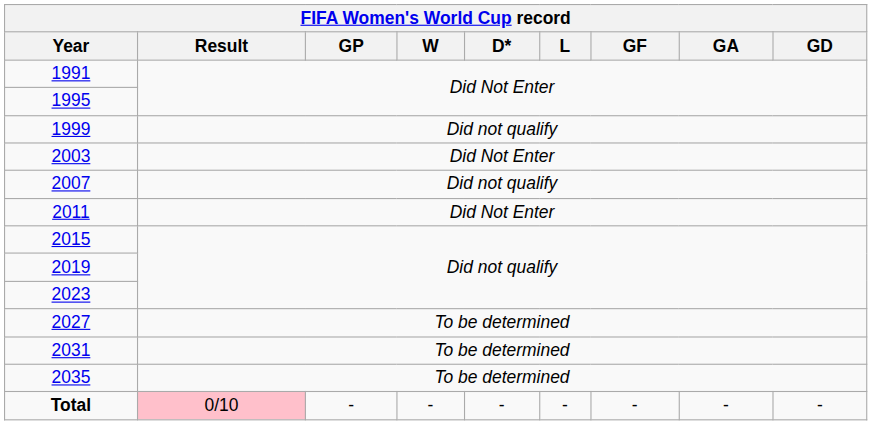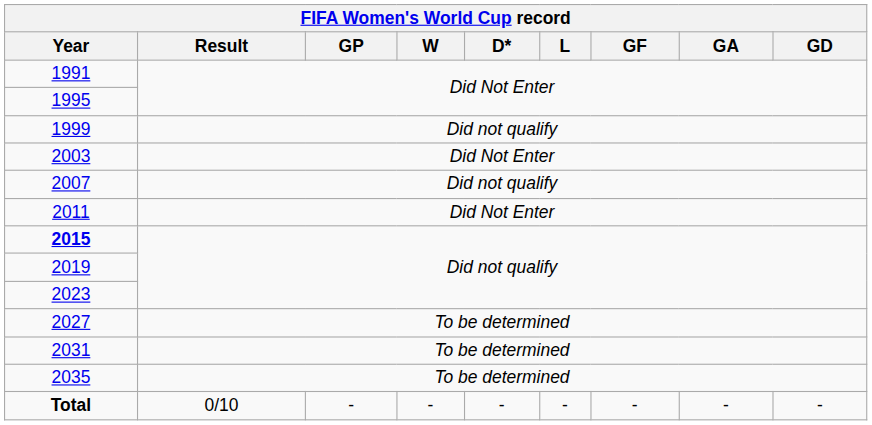 <table class="wikitable" style="text-align: center; width:50%;">
 <tr>
 <th colspan=9><a href='#'>FIFA Women's World Cup</a> record</th>
 </tr>
 <tr>
 <th>Year</th>
 <th>Result</th>
 <th>GP</th>
 <th>W</th>
 <th>D*</th>
 <th>L</th>
 <th>GF</th>
 <th>GA</th>
 <th>GD</th>
 </tr>
 <tr>
 <td> <a href='#'>1991</a></td>
 <td colspan=8 rowspan=2><em>Did Not Enter</em></td>
 </tr>
 <tr>
 <td> <a href='#'>1995</a></td>
 </tr>
 <tr>
 <td> <a href='#'>1999</a></td>
 <td colspan=8><em>Did not qualify</em></td>
 </tr>
 <tr>
 <td> <a href='#'>2003</a></td>
 <td colspan=8><em>Did Not Enter</em></td>
 </tr>
 <tr>
 <td> <a href='#'>2007</a></td>
 <td colspan=8><em>Did not qualify</em></td>
 </tr>
 <tr>
 <td> <a href='#'>2011</a></td>
 <td colspan=8><em>Did Not Enter</em></td>
 </tr>
 <tr>
-<td> <a href='#'>2015</a></td>
+<td><strong> <a href='#'>2015</a></strong></td>
 <td colspan=8 rowspan=3><em>Did not qualify</em></td>
 </tr>
 <tr>
 <td> <a href='#'>2019</a></td>
 </tr>
 <tr>
 <td> <a href='#'>2023</a></td>
 </tr>
 <tr>
 <td> <a href='#'>2027</a></td>
 <td colspan=8><em>To be determined</em></td>
 </tr>
 <tr>
 <td> <a href='#'>2031</a></td>
 <td colspan=8><em>To be determined</em></td>
 </tr>
 <tr>
 <td> <a href='#'>2035</a></td>
 <td colspan=8><em>To be determined</em></td>
 </tr>
 <tr>
 <td><strong>Total</strong></td>
-<td style="background: pink;">0/10</td>
+<td>0/10</td>
 <td>-</td>
 <td>-</td>
 <td>-</td>
 <td>-</td>
 <td>-</td>
 <td>-</td>
 <td>-</td>
 </tr>
 </table>
